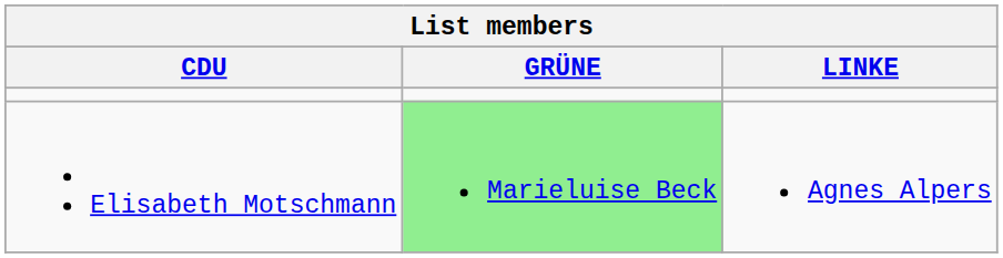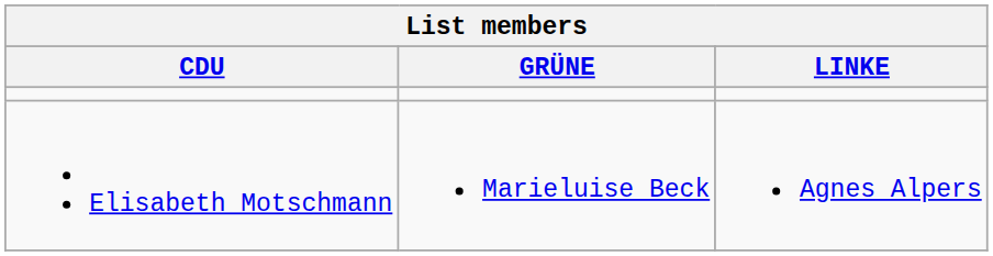 <table class=wikitable>
 <tr>
 <th colspan=3>List members</th>
 </tr>
 <tr>
 <th><a href='#'>CDU</a></th>
 <th><a href='#'>GRÜNE</a></th>
 <th><a href='#'>LINKE</a></th>
 </tr>
 <tr>
 <td bgcolor=></td>
 <td bgcolor=></td>
 <td bgcolor=></td>
 </tr>
 <tr>
 <td><br><ul><li></li><li><a href='#'>Elisabeth Motschmann</a></li></ul></td>
-<td style="background: lightgreen;"><br><ul><li><a href='#'>Marieluise Beck</a></li></ul></td>
+<td><br><ul><li><a href='#'>Marieluise Beck</a></li></ul></td>
 <td><br><ul><li><a href='#'>Agnes Alpers</a></li></ul></td>
 </tr>
 </table>
